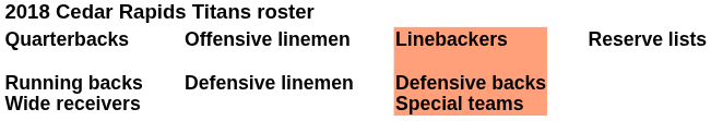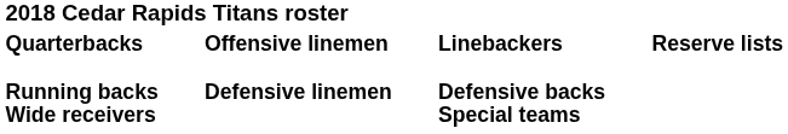 <table class="toccolours" style="text-align: left;">
 <tr>
 <th colspan="7"><strong>2018 Cedar Rapids Titans roster</strong></th>
 </tr>
 <tr>
 <td style="font-size: 95%;vertical-align:top;"><strong>Quarterbacks</strong><br><br><strong>Running backs</strong>  <br><strong>Wide receivers</strong>     </td>
 <td style="width: 25px;"></td>
 <td style="font-size: 95%;vertical-align:top;"><strong>Offensive linemen</strong><br>  <br><strong>Defensive linemen</strong>    </td>
 <td style="width: 25px;"></td>
-<td style="background: lightsalmon; font-size: 95%;vertical-align:top;"><strong>Linebackers</strong><br> <br><strong>Defensive backs</strong>     <br><strong>Special teams</strong> </td>
+<td style="font-size: 95%;vertical-align:top;"><strong>Linebackers</strong><br> <br><strong>Defensive backs</strong>     <br><strong>Special teams</strong> </td>
 <td style="width: 25px;"></td>
 <td style="font-size: 95%;vertical-align:top;"><strong>Reserve lists</strong><br>     <br></td>
 </tr>
 <tr>
 </tr>
 </table>
